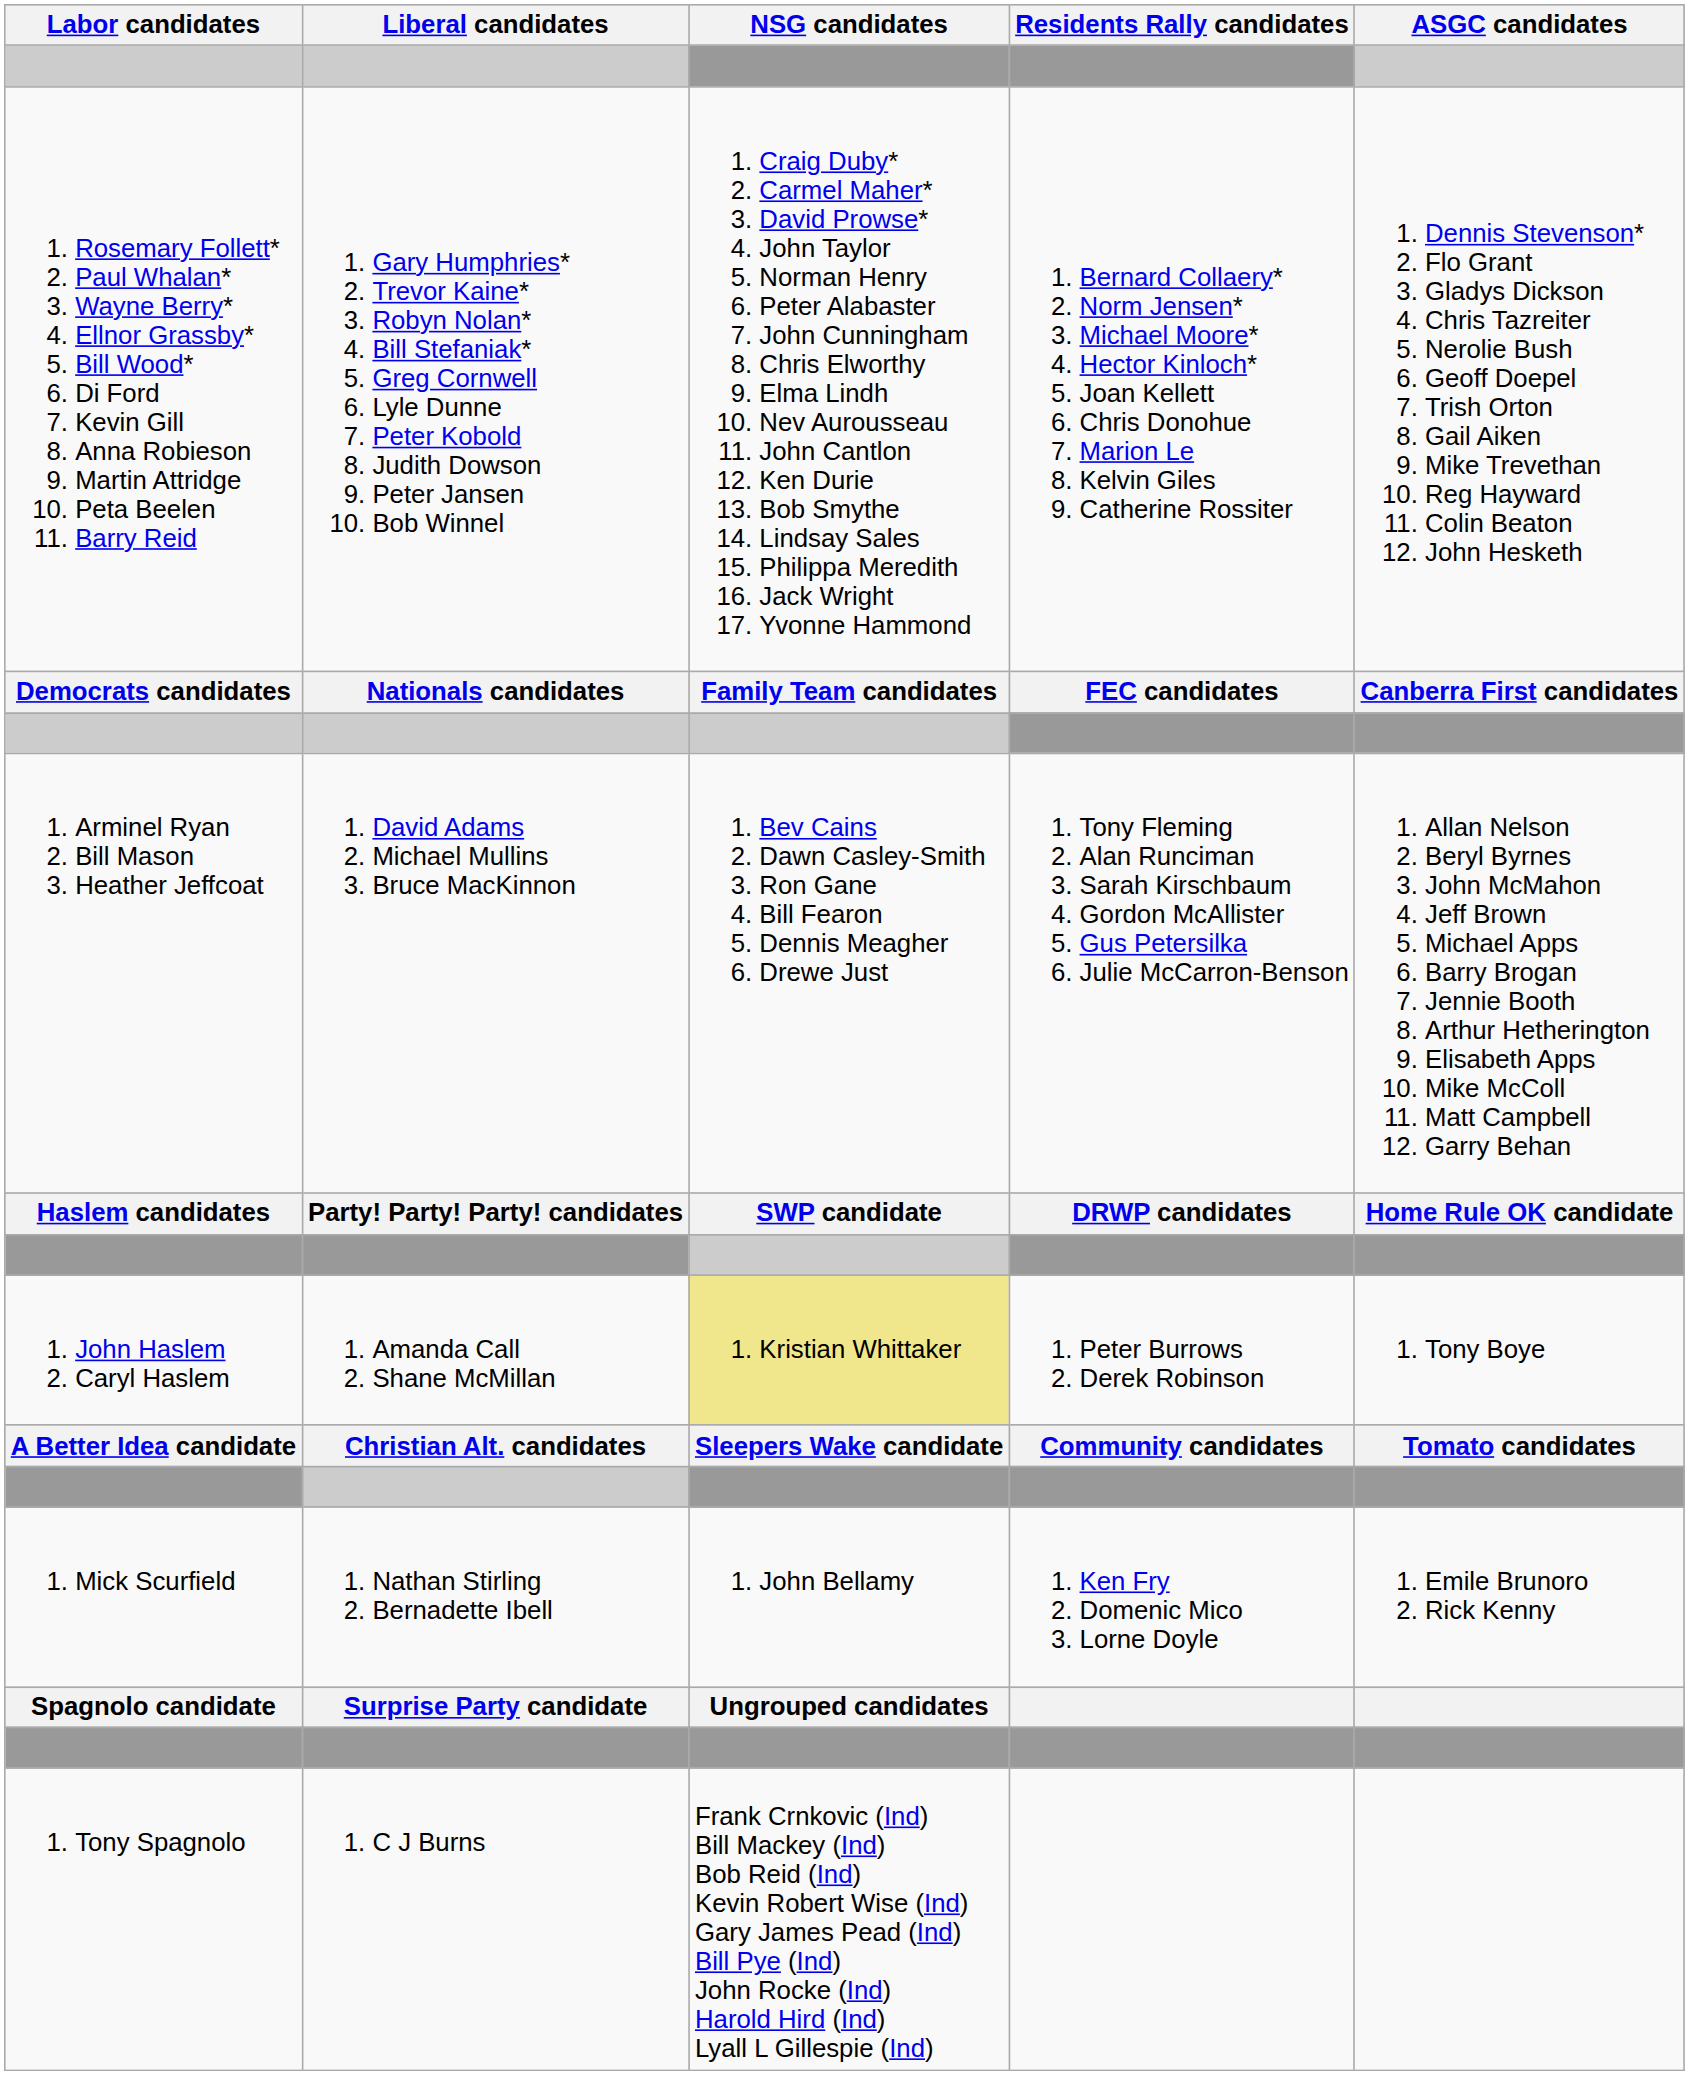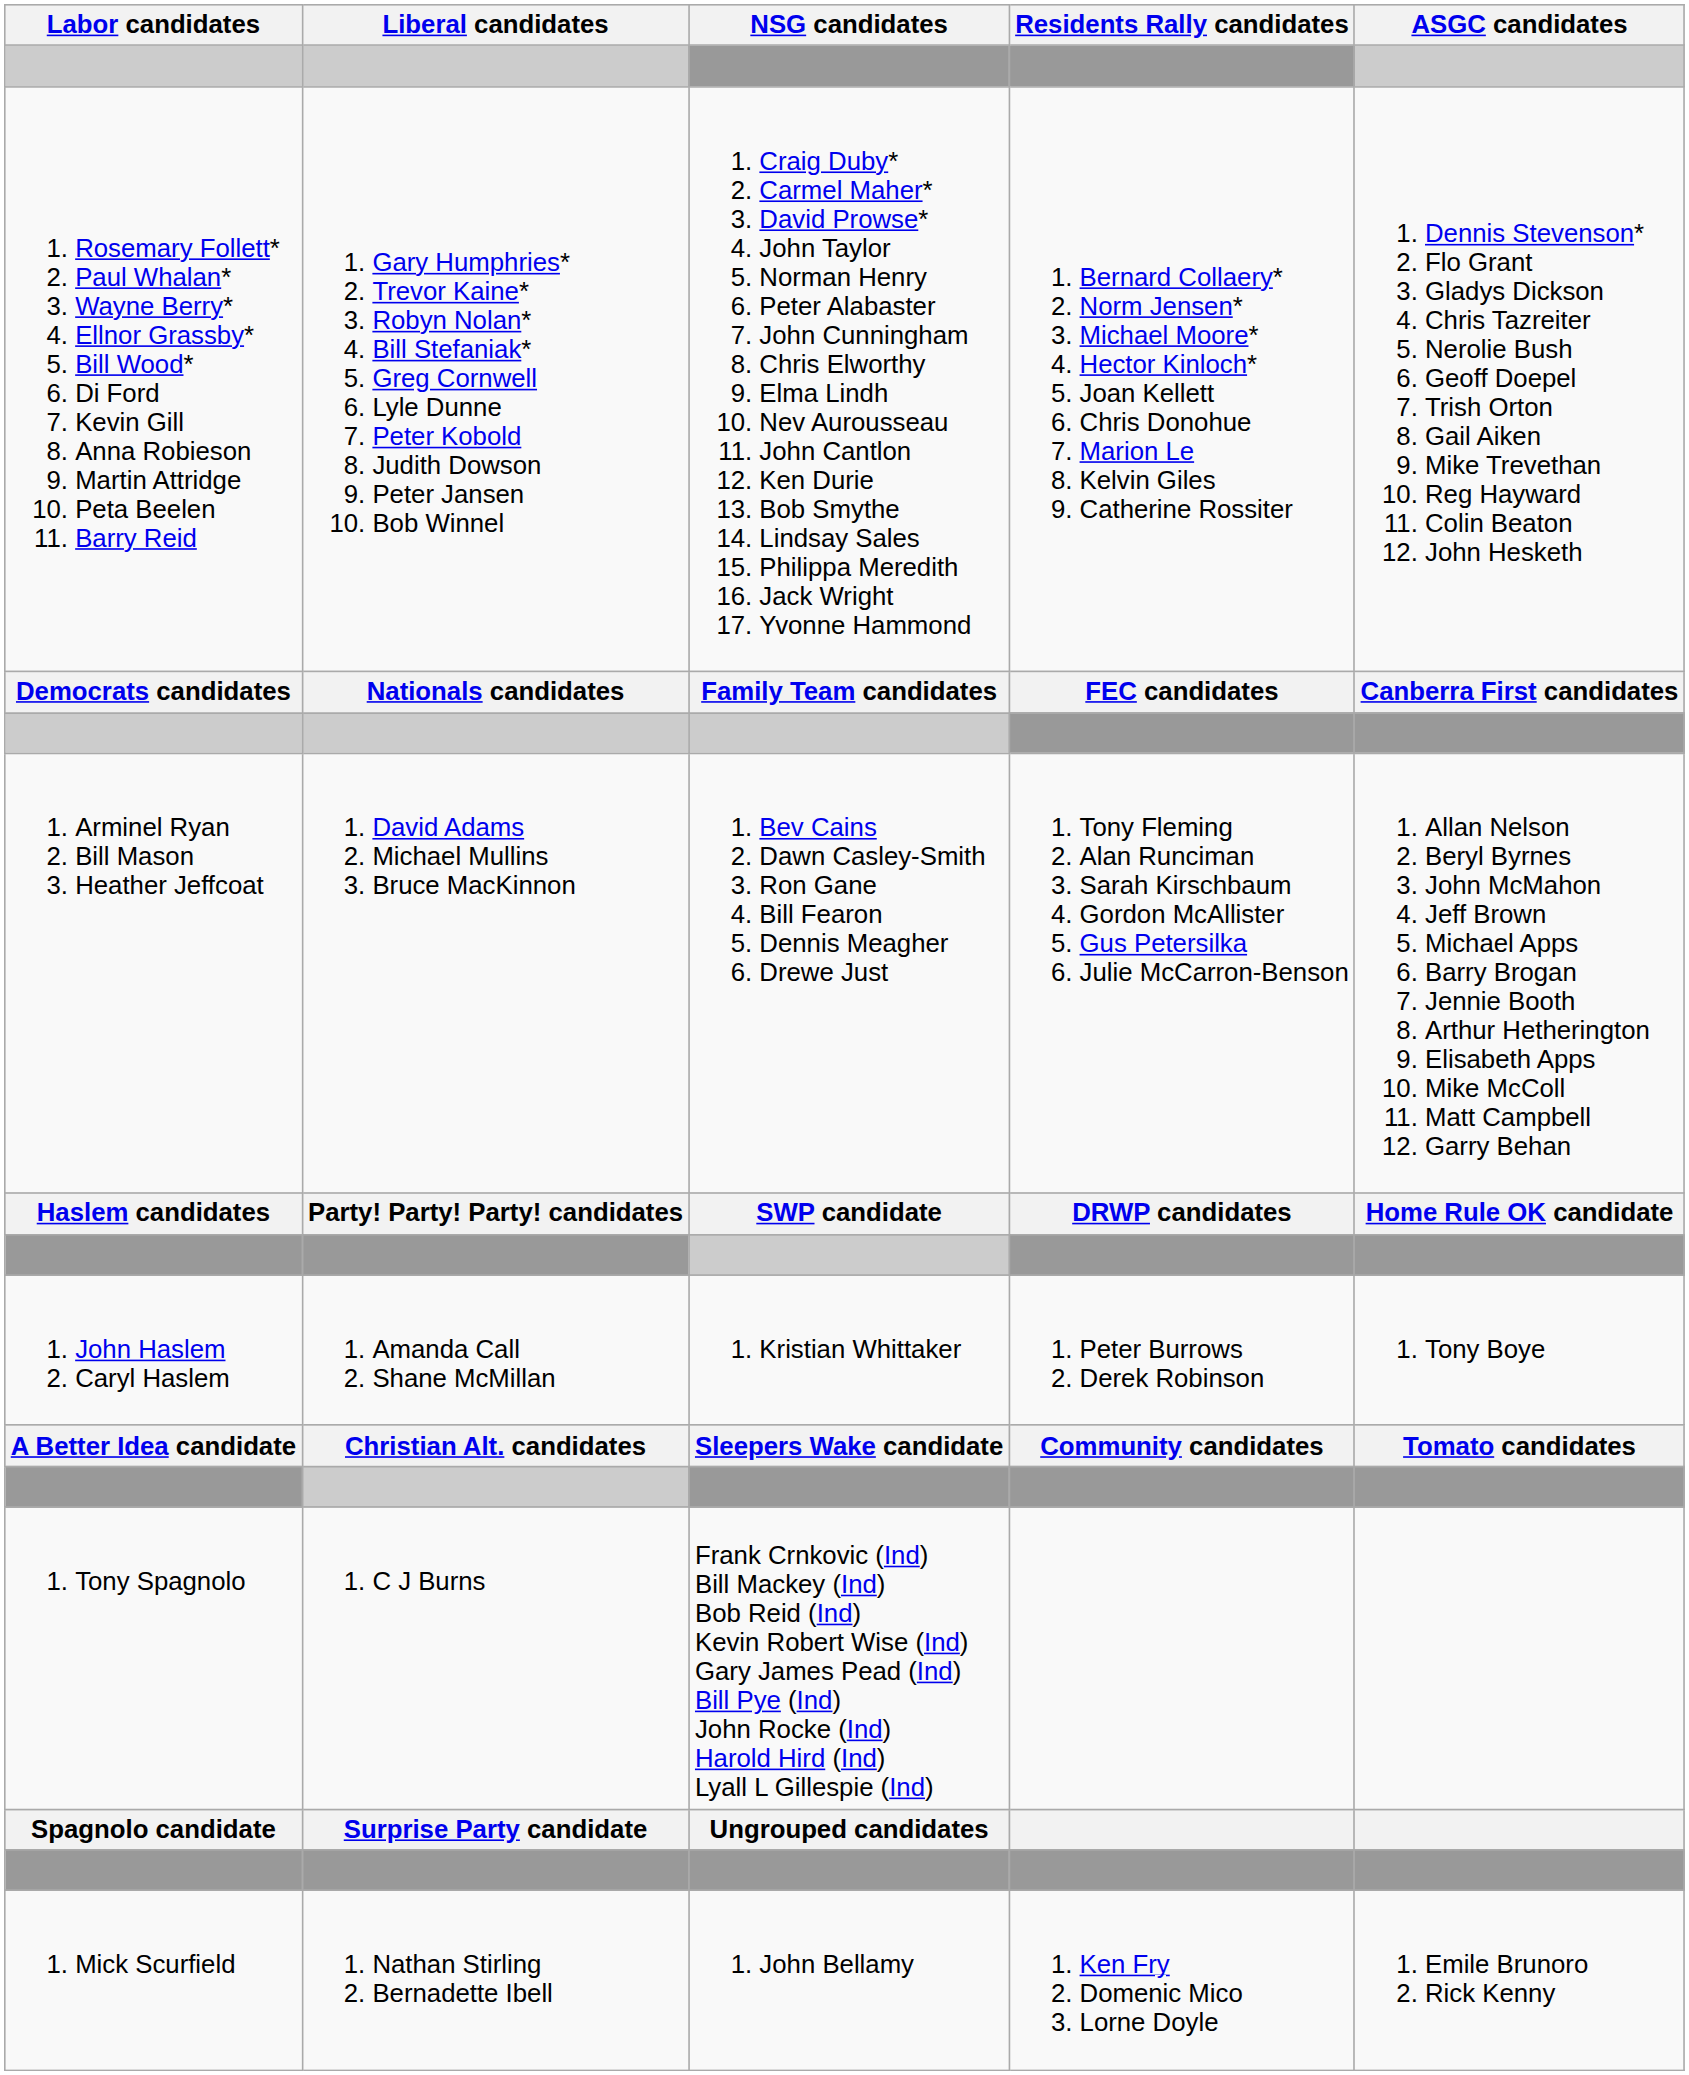 <table class="wikitable">
 <tr>
 <th><a href='#'>Labor</a> candidates</th>
 <th><a href='#'>Liberal</a> candidates</th>
 <th><a href='#'>NSG</a> candidates</th>
 <th><a href='#'>Residents Rally</a> candidates</th>
 <th><a href='#'>ASGC</a> candidates</th>
 </tr>
 <tr bgcolor="#cccccc">
 <td></td>
 <td></td>
 <td bgcolor="#999999"> </td>
 <td bgcolor="#999999"> </td>
 <td> </td>
 </tr>
 <tr>
 <td><br><ol><li><a href='#'>Rosemary Follett</a>*</li><li><a href='#'>Paul Whalan</a>*</li><li><a href='#'>Wayne Berry</a>*</li><li><a href='#'>Ellnor Grassby</a>*</li><li><a href='#'>Bill Wood</a>*</li><li>Di Ford</li><li>Kevin Gill</li><li>Anna Robieson</li><li>Martin Attridge</li><li>Peta Beelen</li><li><a href='#'>Barry Reid</a></li></ol></td>
 <td><br><ol><li><a href='#'>Gary Humphries</a>*</li><li><a href='#'>Trevor Kaine</a>*</li><li><a href='#'>Robyn Nolan</a>*</li><li><a href='#'>Bill Stefaniak</a>*</li><li><a href='#'>Greg Cornwell</a></li><li>Lyle Dunne</li><li><a href='#'>Peter Kobold</a></li><li>Judith Dowson</li><li>Peter Jansen</li><li>Bob Winnel</li></ol></td>
 <td><br><ol><li><a href='#'>Craig Duby</a>*</li><li><a href='#'>Carmel Maher</a>*</li><li><a href='#'>David Prowse</a>*</li><li>John Taylor</li><li>Norman Henry</li><li>Peter Alabaster</li><li>John Cunningham</li><li>Chris Elworthy</li><li>Elma Lindh</li><li>Nev Aurousseau</li><li>John Cantlon</li><li>Ken Durie</li><li>Bob Smythe</li><li>Lindsay Sales</li><li>Philippa Meredith</li><li>Jack Wright</li><li>Yvonne Hammond</li></ol></td>
 <td><br><ol><li><a href='#'>Bernard Collaery</a>*</li><li><a href='#'>Norm Jensen</a>*</li><li><a href='#'>Michael Moore</a>*</li><li><a href='#'>Hector Kinloch</a>*</li><li>Joan Kellett</li><li>Chris Donohue</li><li><a href='#'>Marion Le</a></li><li>Kelvin Giles</li><li>Catherine Rossiter</li></ol></td>
 <td><br><ol><li><a href='#'>Dennis Stevenson</a>*</li><li>Flo Grant</li><li>Gladys Dickson</li><li>Chris Tazreiter</li><li>Nerolie Bush</li><li>Geoff Doepel</li><li>Trish Orton</li><li>Gail Aiken</li><li>Mike Trevethan</li><li>Reg Hayward</li><li>Colin Beaton</li><li>John Hesketh</li></ol></td>
 </tr>
 <tr bgcolor="#cccccc">
 <th><a href='#'>Democrats</a> candidates</th>
 <th><a href='#'>Nationals</a> candidates</th>
 <th><a href='#'>Family Team</a> candidates</th>
 <th><a href='#'>FEC</a> candidates</th>
 <th><a href='#'>Canberra First</a> candidates</th>
 </tr>
 <tr bgcolor="#cccccc">
 <td></td>
 <td></td>
 <td></td>
 <td bgcolor="#999999"></td>
 <td bgcolor="#999999"> </td>
 </tr>
 <tr>
 <td valign=top><br><ol><li>Arminel Ryan</li><li>Bill Mason</li><li>Heather Jeffcoat</li></ol></td>
 <td valign=top><br><ol><li><a href='#'>David Adams</a></li><li>Michael Mullins</li><li>Bruce MacKinnon</li></ol></td>
 <td valign=top><br><ol><li><a href='#'>Bev Cains</a></li><li>Dawn Casley-Smith</li><li>Ron Gane</li><li>Bill Fearon</li><li>Dennis Meagher</li><li>Drewe Just</li></ol></td>
 <td valign=top><br><ol><li>Tony Fleming</li><li>Alan Runciman</li><li>Sarah Kirschbaum</li><li>Gordon McAllister</li><li><a href='#'>Gus Petersilka</a></li><li>Julie McCarron-Benson</li></ol></td>
 <td valign=top><br><ol><li>Allan Nelson</li><li>Beryl Byrnes</li><li>John McMahon</li><li>Jeff Brown</li><li>Michael Apps</li><li>Barry Brogan</li><li>Jennie Booth</li><li>Arthur Hetherington</li><li>Elisabeth Apps</li><li>Mike McColl</li><li>Matt Campbell</li><li>Garry Behan</li></ol></td>
 </tr>
 <tr bgcolor="#cccccc">
 <th><a href='#'>Haslem</a> candidates</th>
 <th>Party! Party! Party! candidates</th>
 <th><a href='#'>SWP</a> candidate</th>
 <th><a href='#'>DRWP</a> candidates</th>
 <th><a href='#'>Home Rule OK</a> candidate</th>
 </tr>
 <tr bgcolor="#cccccc">
 <td bgcolor="#999999"></td>
 <td bgcolor="#999999"></td>
 <td></td>
 <td bgcolor="#999999"></td>
 <td bgcolor="#999999"> </td>
 </tr>
 <tr>
 <td valign=top><br><ol><li><a href='#'>John Haslem</a></li><li>Caryl Haslem</li></ol></td>
 <td valign=top><br><ol><li>Amanda Call</li><li>Shane McMillan</li></ol></td>
-<td valign=top style="background: khaki;"><br><ol><li>Kristian Whittaker</li></ol></td>
+<td valign=top><br><ol><li>Kristian Whittaker</li></ol></td>
 <td valign=top><br><ol><li>Peter Burrows</li><li>Derek Robinson</li></ol></td>
 <td valign=top><br><ol><li>Tony Boye</li></ol></td>
 </tr>
 <tr bgcolor="#cccccc">
 <th><a href='#'>A Better Idea</a> candidate</th>
 <th><a href='#'>Christian Alt.</a> candidates</th>
 <th><a href='#'>Sleepers Wake</a> candidate</th>
 <th><a href='#'>Community</a> candidates</th>
 <th><a href='#'>Tomato</a> candidates</th>
 </tr>
 <tr bgcolor="#cccccc">
 <td bgcolor="#999999"></td>
 <td></td>
 <td bgcolor="#999999"></td>
 <td bgcolor="#999999"></td>
 <td bgcolor="#999999"> </td>
 </tr>
 <tr>
-<td valign=top><br><ol><li>Mick Scurfield</li></ol></td>
-<td valign=top><br><ol><li>Nathan Stirling</li><li>Bernadette Ibell</li></ol></td>
-<td valign=top><br><ol><li>John Bellamy</li></ol></td>
-<td valign=top><br><ol><li><a href='#'>Ken Fry</a></li><li>Domenic Mico</li><li>Lorne Doyle</li></ol></td>
-<td valign=top><br><ol><li>Emile Brunoro</li><li>Rick Kenny</li></ol></td>
+<td valign=top><br><ol><li>Tony Spagnolo</li></ol></td>
+<td valign=top><br><ol><li>C J Burns</li></ol></td>
+<td valign=top><br>Frank Crnkovic (<a href='#'>Ind</a>) <br> Bill Mackey (<a href='#'>Ind</a>) <br> Bob Reid (<a href='#'>Ind</a>) <br> Kevin Robert Wise (<a href='#'>Ind</a>) <br> Gary James Pead (<a href='#'>Ind</a>) <br> <a href='#'>Bill Pye</a> (<a href='#'>Ind</a>) <br> John Rocke (<a href='#'>Ind</a>) <br> <a href='#'>Harold Hird</a> (<a href='#'>Ind</a>) <br> Lyall L Gillespie (<a href='#'>Ind</a>) <br></td>
+<td valign=top></td>
+<td valign=top></td>
 </tr>
 <tr bgcolor="#cccccc">
 <th>Spagnolo candidate</th>
 <th><a href='#'>Surprise Party</a> candidate</th>
 <th>Ungrouped candidates</th>
 <th></th>
 <th></th>
 </tr>
 <tr bgcolor="#cccccc">
 <td bgcolor="#999999"></td>
 <td bgcolor="#999999"></td>
 <td bgcolor="#999999"></td>
 <td bgcolor="#999999"></td>
 <td bgcolor="#999999"> </td>
 </tr>
 <tr>
-<td valign=top><br><ol><li>Tony Spagnolo</li></ol></td>
-<td valign=top><br><ol><li>C J Burns</li></ol></td>
-<td valign=top><br>Frank Crnkovic (<a href='#'>Ind</a>) <br> Bill Mackey (<a href='#'>Ind</a>) <br> Bob Reid (<a href='#'>Ind</a>) <br> Kevin Robert Wise (<a href='#'>Ind</a>) <br> Gary James Pead (<a href='#'>Ind</a>) <br> <a href='#'>Bill Pye</a> (<a href='#'>Ind</a>) <br> John Rocke (<a href='#'>Ind</a>) <br> <a href='#'>Harold Hird</a> (<a href='#'>Ind</a>) <br> Lyall L Gillespie (<a href='#'>Ind</a>) <br></td>
-<td valign=top></td>
-<td valign=top></td>
+<td valign=top><br><ol><li>Mick Scurfield</li></ol></td>
+<td valign=top><br><ol><li>Nathan Stirling</li><li>Bernadette Ibell</li></ol></td>
+<td valign=top><br><ol><li>John Bellamy</li></ol></td>
+<td valign=top><br><ol><li><a href='#'>Ken Fry</a></li><li>Domenic Mico</li><li>Lorne Doyle</li></ol></td>
+<td valign=top><br><ol><li>Emile Brunoro</li><li>Rick Kenny</li></ol></td>
 </tr>
 </table>
